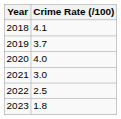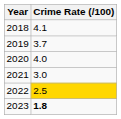 <table class="wikitable">
 <tr>
 <th>Year</th>
 <th>Crime Rate (/100)</th>
 </tr>
 <tr>
 <td>2018</td>
 <td>4.1</td>
 </tr>
 <tr>
 <td>2019</td>
 <td>3.7</td>
 </tr>
 <tr>
 <td>2020</td>
 <td>4.0</td>
 </tr>
 <tr>
 <td>2021</td>
 <td>3.0</td>
 </tr>
 <tr>
 <td>2022</td>
-<td>2.5</td>
+<td style="background: gold;">2.5</td>
 </tr>
 <tr>
 <td>2023</td>
-<td>1.8</td>
+<td><strong>1.8</strong></td>
 </tr>
 </table>
